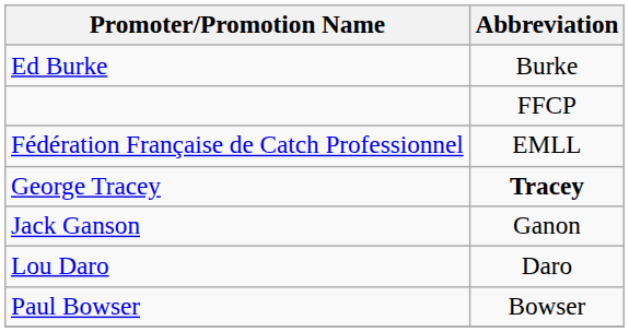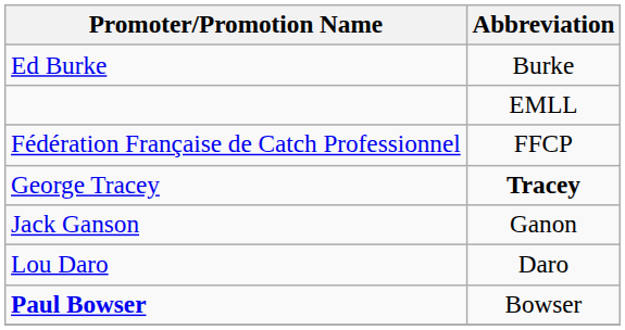 <table class="wikitable">
 <tr>
 <th>Promoter/Promotion Name</th>
 <th>Abbreviation</th>
 </tr>
 <tr>
 <td><a href='#'>Ed Burke</a></td>
 <td align=center>Burke</td>
 </tr>
 <tr>
 <td></td>
-<td align=center>FFCP</td>
+<td align=center>EMLL</td>
 </tr>
 <tr>
 <td><a href='#'>Fédération Française de Catch Professionnel</a></td>
-<td align=center>EMLL</td>
+<td align=center>FFCP</td>
 </tr>
 <tr>
 <td><a href='#'>George Tracey</a></td>
 <td align=center><strong>Tracey</strong></td>
 </tr>
 <tr>
 <td><a href='#'>Jack Ganson</a></td>
 <td align=center>Ganon</td>
 </tr>
 <tr>
 <td><a href='#'>Lou Daro</a></td>
 <td align=center>Daro</td>
 </tr>
 <tr>
-<td><a href='#'>Paul Bowser</a></td>
+<td><strong><a href='#'>Paul Bowser</a></strong></td>
 <td align=center>Bowser</td>
 </tr>
 <tr>
 </tr>
 </table>
